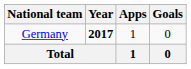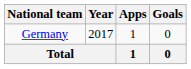 <table class="wikitable" style="text-align:center">
 <tr>
 <th>National team</th>
 <th>Year</th>
 <th>Apps</th>
 <th>Goals</th>
 </tr>
 <tr>
 <td><a href='#'>Germany</a></td>
-<td><strong>2017</strong></td>
+<td>2017</td>
 <td>1</td>
 <td>0</td>
 </tr>
 <tr>
 <th colspan="2">Total</th>
 <th>1</th>
 <th>0</th>
 </tr>
 </table>
